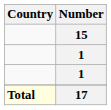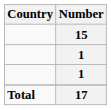 <table class="wikitable centre sortable">
 <tr>
 <th>Country</th>
 <th>Number</th>
 </tr>
 <tr>
 <td></td>
 <th>15</th>
 </tr>
 <tr>
 <td></td>
 <th>1</th>
 </tr>
 <tr>
 <td></td>
 <th>1</th>
 </tr>
 <tr>
 </tr>
 <tr class="sortbottom">
-<td style="background: lightyellow;"><strong>Total</strong></td>
+<td><strong>Total</strong></td>
 <th>17</th>
 </tr>
 </table>
